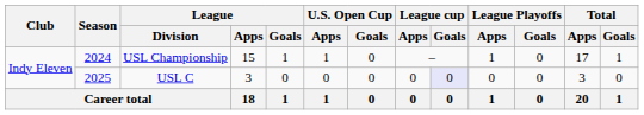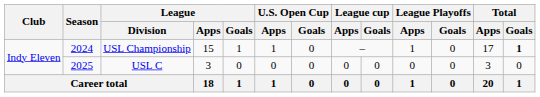 <table class="wikitable" style="text-align:center">
 <tr>
 <th rowspan="2">Club</th>
 <th rowspan="2">Season</th>
 <th colspan="3">League</th>
 <th colspan="2">U.S. Open Cup</th>
 <th colspan="2">League cup</th>
 <th colspan="2">League Playoffs</th>
 <th colspan="2">Total</th>
 </tr>
 <tr>
 <th>Division</th>
 <th>Apps</th>
 <th>Goals</th>
 <th>Apps</th>
 <th>Goals</th>
 <th>Apps</th>
 <th>Goals</th>
 <th>Apps</th>
 <th>Goals</th>
 <th>Apps</th>
 <th>Goals</th>
 </tr>
 <tr>
 <td rowspan="2"><a href='#'>Indy Eleven</a></td>
 <td><a href='#'>2024</a></td>
 <td><a href='#'>USL Championship</a></td>
 <td>15</td>
 <td>1</td>
 <td>1</td>
 <td>0</td>
 <td colspan="2">–</td>
 <td>1</td>
 <td>0</td>
 <td>17</td>
-<td>1</td>
+<td><strong>1</strong></td>
 </tr>
 <tr>
 <td><a href='#'>2025</a></td>
 <td><a href='#'>USL C</a></td>
 <td>3</td>
 <td>0</td>
 <td>0</td>
 <td>0</td>
 <td>0</td>
-<td style="background: lavender;">0</td>
+<td>0</td>
 <td>0</td>
 <td>0</td>
 <td>3</td>
 <td>0</td>
 </tr>
 <tr>
 <th colspan="3">Career total</th>
 <th>18</th>
 <th>1</th>
 <th>1</th>
 <th>0</th>
 <th>0</th>
 <th>0</th>
 <th>1</th>
 <th>0</th>
 <th>20</th>
 <th>1</th>
 </tr>
 </table>
